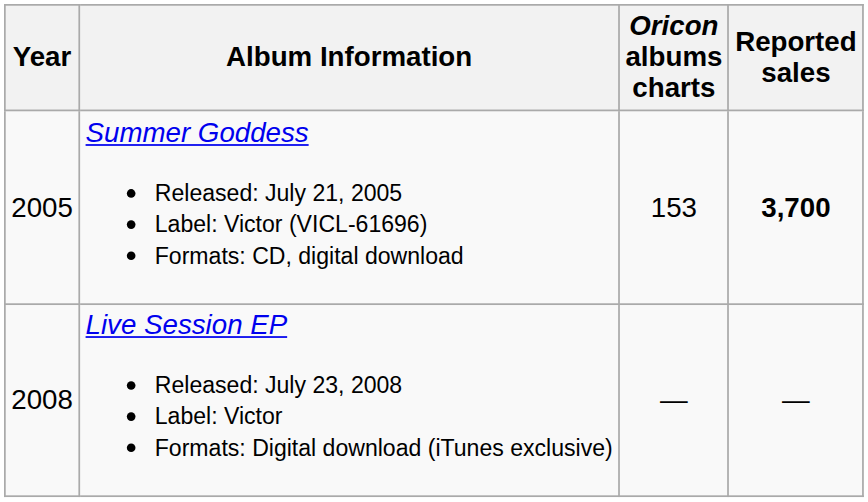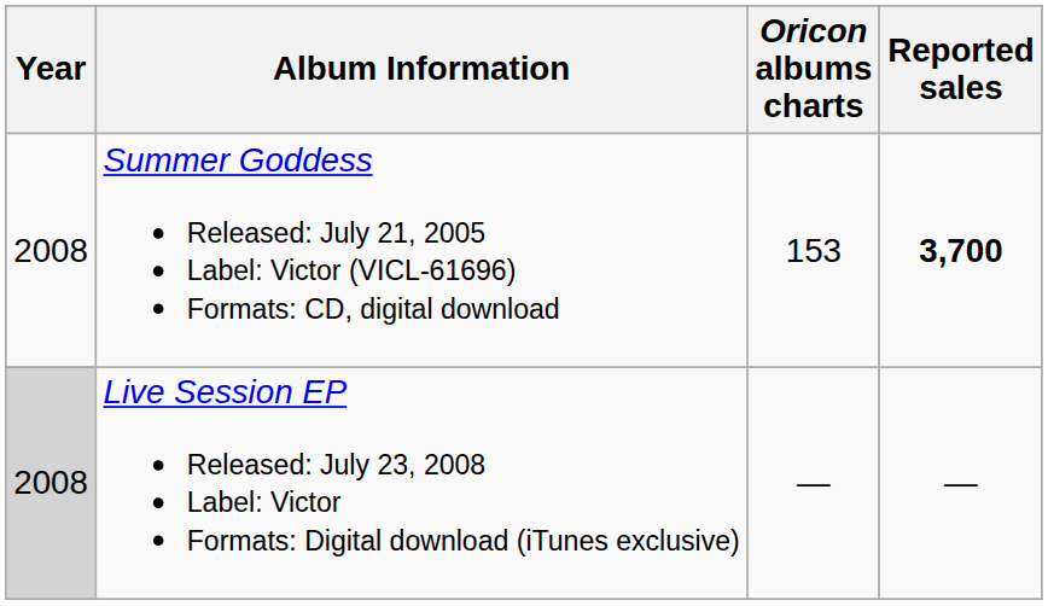 <table class="wikitable">
 <tr>
 <th>Year</th>
 <th>Album Information</th>
 <th><em>Oricon</em><br>albums<br>charts<br></th>
 <th>Reported<br>sales<br></th>
 </tr>
 <tr>
-<td style="text-align:center;">2005</td>
+<td style="text-align:center;">2008</td>
 <td><em><a href='#'>Summer Goddess</a></em><br><ul><li><small>Released: July 21, 2005</small></li><li><small>Label: Victor (VICL-61696)</small></li><li><small>Formats: CD, digital download</small></li></ul></td>
 <td style="text-align:center;">153</td>
 <td style="text-align:center;"><strong>3,700</strong></td>
 </tr>
 <tr>
-<td style="text-align:center;">2008</td>
+<td style="background: lightgrey; text-align:center;">2008</td>
 <td><em><a href='#'>Live Session EP</a></em><br><ul><li><small>Released: July 23, 2008</small></li><li><small>Label: Victor</small></li><li><small>Formats: Digital download (iTunes exclusive)</small></li></ul></td>
 <td style="text-align:center;">—</td>
 <td style="text-align:center;">—</td>
 </tr>
 </table>
